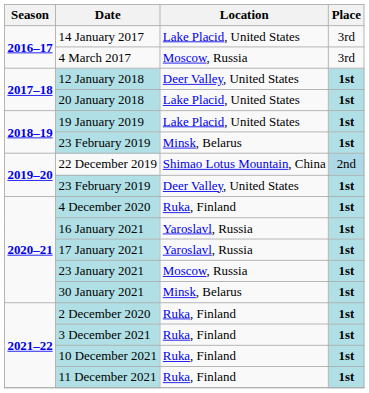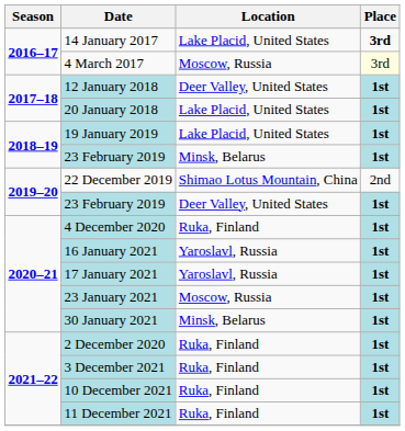 <table class="wikitable"  style="text-align:center; font-size:95%;">
 <tr>
 <th>Season</th>
 <th>Date</th>
 <th>Location</th>
 <th>Place</th>
 </tr>
 <tr>
 <td rowspan=2 align=center><strong><a href='#'>2016–17</a></strong></td>
 <td align=left>14 January 2017</td>
 <td align=left> <a href='#'>Lake Placid</a>, United States</td>
-<td>3rd</td>
+<td><strong>3rd</strong></td>
 </tr>
 <tr>
 <td align=left>4 March 2017</td>
 <td align=left> <a href='#'>Moscow</a>, Russia</td>
-<td>3rd</td>
+<td style="background: lightyellow;">3rd</td>
 </tr>
 <tr>
 <td rowspan=2 align=center><strong><a href='#'>2017–18</a></strong></td>
 <td bgcolor="#BOEOE6" align=left>12 January 2018</td>
 <td align=left> <a href='#'>Deer Valley</a>, United States</td>
 <td bgcolor="#BOEOE6"><strong>1st</strong></td>
 </tr>
 <tr>
 <td bgcolor="#BOEOE6" align=left>20 January 2018</td>
 <td align=left> <a href='#'>Lake Placid</a>, United States</td>
 <td bgcolor="#BOEOE6"><strong>1st</strong></td>
 </tr>
 <tr>
 <td rowspan=2 align=center><strong><a href='#'>2018–19</a></strong></td>
 <td bgcolor="#BOEOE6" align=left>19 January 2019</td>
 <td align=left> <a href='#'>Lake Placid</a>, United States</td>
 <td bgcolor="#BOEOE6"><strong>1st</strong></td>
 </tr>
 <tr>
 <td bgcolor="#BOEOE6" align=left>23 February 2019</td>
 <td align=left> <a href='#'>Minsk</a>, Belarus</td>
 <td bgcolor="#BOEOE6"><strong>1st</strong></td>
 </tr>
 <tr>
 <td rowspan=2 align=center><strong><a href='#'>2019–20</a></strong></td>
 <td align=left>22 December 2019</td>
 <td align=left> <a href='#'>Shimao Lotus Mountain</a>, China</td>
-<td style="background: lightblue;">2nd</td>
+<td>2nd</td>
 </tr>
 <tr>
 <td bgcolor="#BOEOE6" align=left>23 February 2019</td>
 <td align=left> <a href='#'>Deer Valley</a>, United States</td>
 <td bgcolor="#BOEOE6"><strong>1st</strong></td>
 </tr>
 <tr>
 <td rowspan=5 align=center><strong><a href='#'>2020–21</a></strong></td>
 <td bgcolor="#BOEOE6" align=left>4 December 2020</td>
 <td align=left> <a href='#'>Ruka</a>, Finland</td>
 <td bgcolor="#BOEOE6"><strong>1st</strong></td>
 </tr>
 <tr>
 <td bgcolor="#BOEOE6" align=left>16 January 2021</td>
 <td align=left> <a href='#'>Yaroslavl</a>, Russia</td>
 <td bgcolor="#BOEOE6"><strong>1st</strong></td>
 </tr>
 <tr>
 <td bgcolor="#BOEOE6" align=left>17 January 2021</td>
 <td align=left> <a href='#'>Yaroslavl</a>, Russia</td>
 <td bgcolor="#BOEOE6"><strong>1st</strong></td>
 </tr>
 <tr>
 <td bgcolor="#BOEOE6" align=left>23 January 2021</td>
 <td align=left> <a href='#'>Moscow</a>, Russia</td>
 <td bgcolor="#BOEOE6"><strong>1st</strong></td>
 </tr>
 <tr>
 <td bgcolor="#BOEOE6" align=left>30 January 2021</td>
 <td align=left> <a href='#'>Minsk</a>, Belarus</td>
 <td bgcolor="#BOEOE6"><strong>1st</strong></td>
 </tr>
 <tr>
 <td rowspan=4 align=center><strong><a href='#'>2021–22</a></strong></td>
 <td bgcolor="#BOEOE6" align=left>2 December 2020</td>
 <td align=left> <a href='#'>Ruka</a>, Finland</td>
 <td bgcolor="#BOEOE6"><strong>1st</strong></td>
 </tr>
 <tr>
 <td bgcolor="#BOEOE6" align=left>3 December 2021</td>
 <td align=left> <a href='#'>Ruka</a>, Finland</td>
 <td bgcolor="#BOEOE6"><strong>1st</strong></td>
 </tr>
 <tr>
 <td bgcolor="#BOEOE6" align=left>10 December 2021</td>
 <td align=left> <a href='#'>Ruka</a>, Finland</td>
 <td bgcolor="#BOEOE6"><strong>1st</strong></td>
 </tr>
 <tr>
 <td bgcolor="#BOEOE6" align=left>11 December 2021</td>
 <td align=left> <a href='#'>Ruka</a>, Finland</td>
 <td bgcolor="#BOEOE6"><strong>1st</strong></td>
 </tr>
 <tr>
 </tr>
 </table>
